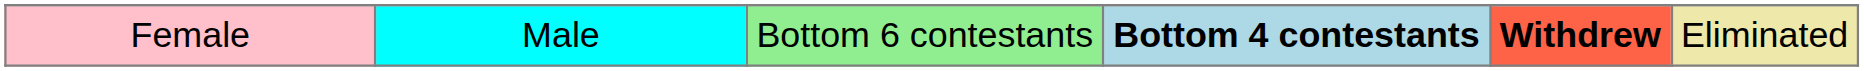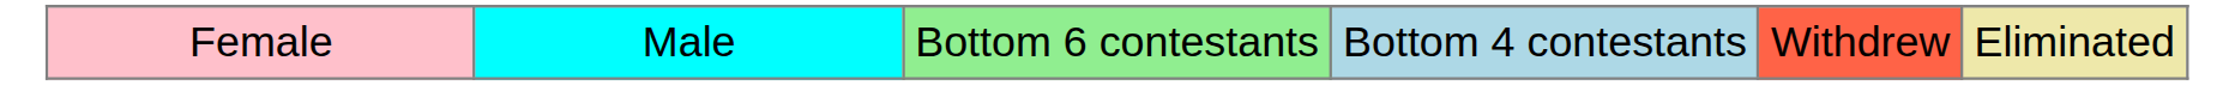 <table border="2" cellpadding="4" style="margin:1em auto; border: 1px solid gray; border-collapse: collapse; text-align:center;">
 <tr>
 </tr>
 <tr>
 <td style="background:Pink; width:20%;">Female</td>
 <td style="background:Cyan; width:20%;">Male</td>
 <td style="background:Lightgreen;">Bottom 6 contestants</td>
-<td style="background:Lightblue;"><strong>Bottom 4 contestants</strong></td>
-<td style="background:Tomato;"><strong>Withdrew</strong></td>
+<td style="background:Lightblue;">Bottom 4 contestants</td>
+<td style="background:Tomato;">Withdrew</td>
 <td style="background:Palegoldenrod;">Eliminated</td>
 </tr>
 </table>
